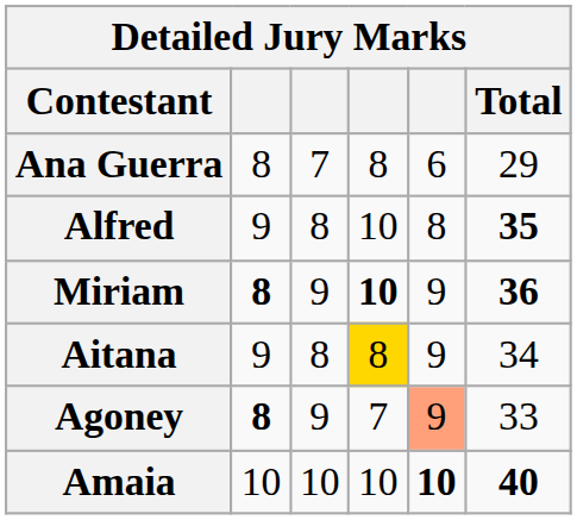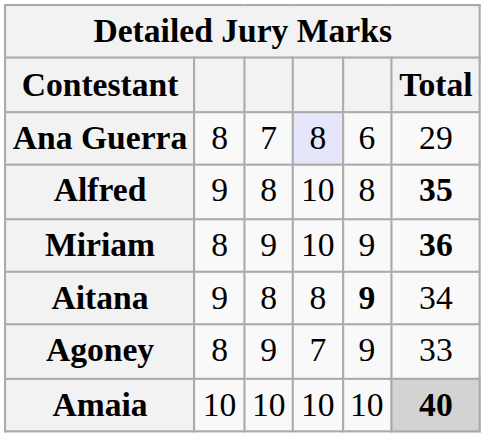 <table class="wikitable sortable" style="text-align:center;">
 <tr>
 <th colspan=6>Detailed Jury Marks</th>
 </tr>
 <tr>
 <th scope="col">Contestant</th>
 <th></th>
 <th></th>
 <th></th>
 <th></th>
 <th>Total</th>
 </tr>
 <tr>
 <th scope="row">Ana Guerra</th>
 <td>8</td>
 <td>7</td>
-<td>8</td>
+<td style="background: lavender;">8</td>
 <td>6</td>
 <td>29</td>
 </tr>
 <tr>
 <th scope="row">Alfred</th>
 <td>9</td>
 <td>8</td>
 <td>10</td>
 <td>8</td>
 <td><strong>35</strong></td>
 </tr>
 <tr>
 <th scope="row">Miriam</th>
-<td><strong>8</strong></td>
+<td>8</td>
 <td>9</td>
-<td><strong>10</strong></td>
+<td>10</td>
 <td>9</td>
 <td><strong>36</strong></td>
 </tr>
 <tr>
 <th scope="row">Aitana</th>
 <td>9</td>
 <td>8</td>
-<td style="background: gold;">8</td>
-<td>9</td>
+<td>8</td>
+<td><strong>9</strong></td>
 <td>34</td>
 </tr>
 <tr>
 <th scope="row">Agoney</th>
-<td><strong>8</strong></td>
+<td>8</td>
 <td>9</td>
 <td>7</td>
-<td style="background: lightsalmon;">9</td>
+<td>9</td>
 <td>33</td>
 </tr>
 <tr>
 <th scope="row">Amaia</th>
 <td>10</td>
 <td>10</td>
 <td>10</td>
-<td><strong>10</strong></td>
-<td><strong>40</strong></td>
+<td>10</td>
+<td style="background: lightgrey;"><strong>40</strong></td>
 </tr>
 </table>
